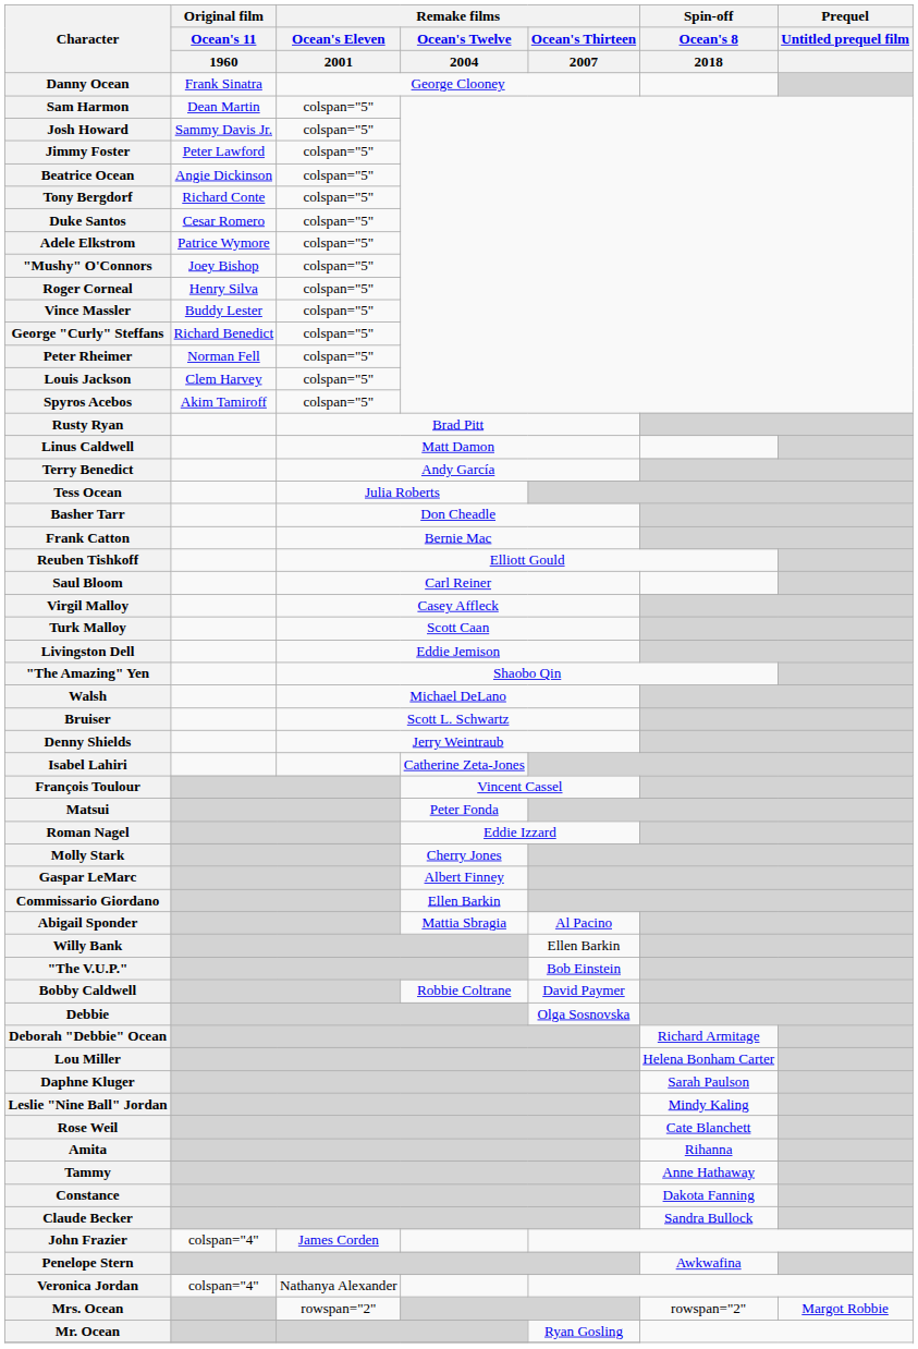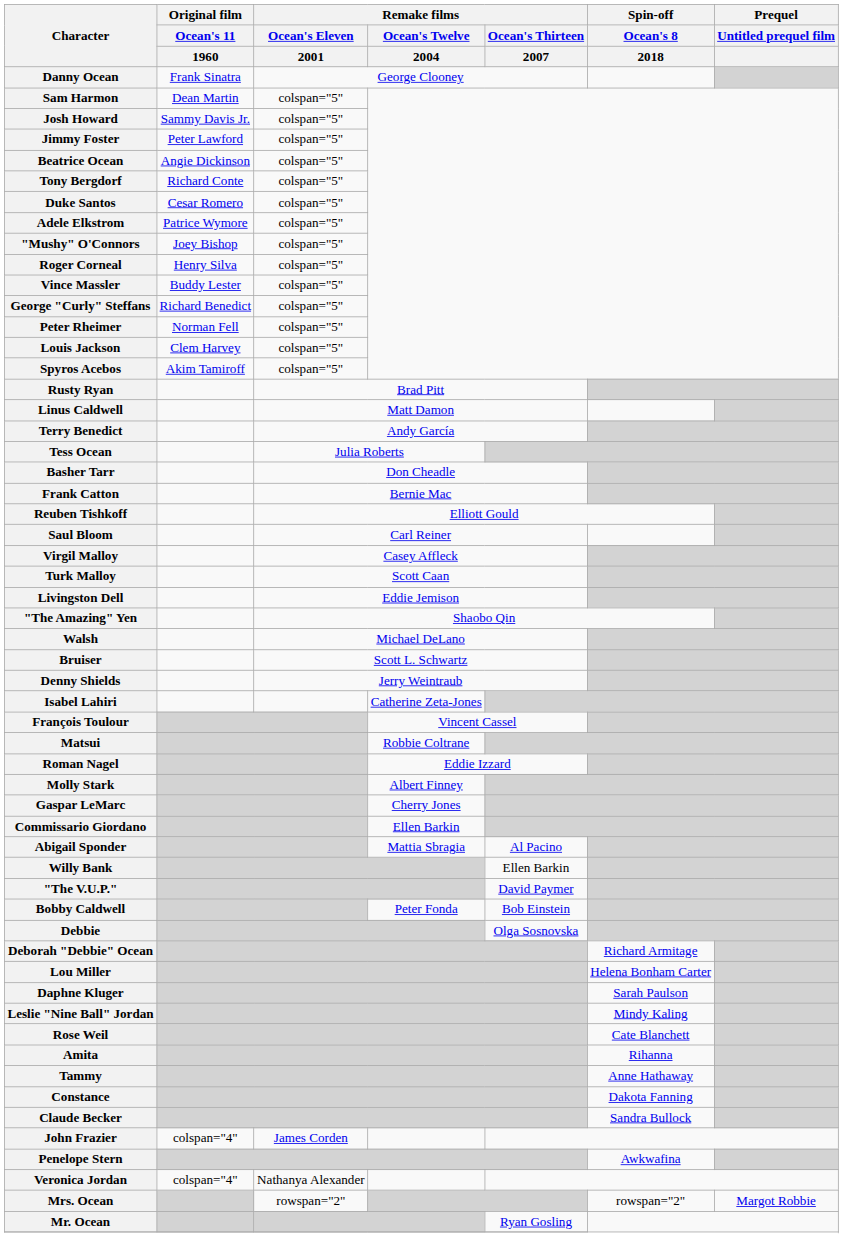 <table class="wikitable plainrowheaders" style="text-align:center">
 <tr>
 <th rowspan="3" colspan="1">Character</th>
 <th colspan="1">Original film</th>
 <th colspan="3">Remake films</th>
 <th>Spin-off</th>
 <th>Prequel</th>
 </tr>
 <tr>
 <th><a href='#'>Ocean's 11</a></th>
 <th><a href='#'>Ocean's Eleven</a></th>
 <th><a href='#'>Ocean's Twelve</a></th>
 <th><a href='#'>Ocean's Thirteen</a></th>
 <th><a href='#'>Ocean's 8</a></th>
 <th><a href='#'>Untitled prequel film</a></th>
 </tr>
 <tr>
 <th>1960</th>
 <th>2001</th>
 <th>2004</th>
 <th>2007</th>
 <th>2018</th>
 <th></th>
 </tr>
 <tr>
 <th>Danny Ocean</th>
 <td><a href='#'>Frank Sinatra</a></td>
 <td colspan="3"><a href='#'>George Clooney</a></td>
 <td></td>
 <td style="background-color:lightgrey;"> </td>
 </tr>
 <tr>
 <th>Sam Harmon</th>
 <td><a href='#'>Dean Martin</a></td>
 <td>colspan="5" </td>
 </tr>
 <tr>
 <th>Josh Howard</th>
 <td><a href='#'>Sammy Davis Jr.</a></td>
 <td>colspan="5" </td>
 </tr>
 <tr>
 <th>Jimmy Foster</th>
 <td><a href='#'>Peter Lawford</a></td>
 <td>colspan="5" </td>
 </tr>
 <tr>
 <th>Beatrice Ocean</th>
 <td><a href='#'>Angie Dickinson</a></td>
 <td>colspan="5" </td>
 </tr>
 <tr>
 <th>Tony Bergdorf</th>
 <td><a href='#'>Richard Conte</a></td>
 <td>colspan="5" </td>
 </tr>
 <tr>
 <th>Duke Santos</th>
 <td><a href='#'>Cesar Romero</a></td>
 <td>colspan="5" </td>
 </tr>
 <tr>
 <th>Adele Elkstrom</th>
 <td><a href='#'>Patrice Wymore</a></td>
 <td>colspan="5" </td>
 </tr>
 <tr>
 <th>"Mushy" O'Connors</th>
 <td><a href='#'>Joey Bishop</a></td>
 <td>colspan="5" </td>
 </tr>
 <tr>
 <th>Roger Corneal</th>
 <td><a href='#'>Henry Silva</a></td>
 <td>colspan="5" </td>
 </tr>
 <tr>
 <th>Vince Massler</th>
 <td><a href='#'>Buddy Lester</a></td>
 <td>colspan="5" </td>
 </tr>
 <tr>
 <th>George "Curly" Steffans</th>
 <td><a href='#'>Richard Benedict</a></td>
 <td>colspan="5" </td>
 </tr>
 <tr>
 <th>Peter Rheimer</th>
 <td><a href='#'>Norman Fell</a></td>
 <td>colspan="5" </td>
 </tr>
 <tr>
 <th>Louis Jackson</th>
 <td><a href='#'>Clem Harvey</a></td>
 <td>colspan="5" </td>
 </tr>
 <tr>
 <th>Spyros Acebos</th>
 <td><a href='#'>Akim Tamiroff</a></td>
 <td>colspan="5" </td>
 </tr>
 <tr>
 <th>Rusty Ryan</th>
 <td></td>
 <td colspan="3"><a href='#'>Brad Pitt</a></td>
 <td colspan="3" style="background-color:lightgrey;"> </td>
 </tr>
 <tr>
 <th>Linus Caldwell</th>
 <td></td>
 <td colspan="3"><a href='#'>Matt Damon</a></td>
 <td></td>
 <td colspan="2" style="background-color:lightgrey;"> </td>
 </tr>
 <tr>
 <th>Terry Benedict</th>
 <td></td>
 <td colspan="3"><a href='#'>Andy García</a></td>
 <td colspan="2" style="background-color:lightgrey;"> </td>
 </tr>
 <tr>
 <th>Tess Ocean</th>
 <td></td>
 <td colspan="2"><a href='#'>Julia Roberts</a></td>
 <td colspan="3" style="background-color:lightgrey;"> </td>
 </tr>
 <tr>
 <th>Basher Tarr</th>
 <td></td>
 <td colspan="3"><a href='#'>Don Cheadle</a></td>
 <td colspan="2" style="background-color:lightgrey;"> </td>
 </tr>
 <tr>
 <th>Frank Catton</th>
 <td></td>
 <td colspan="3"><a href='#'>Bernie Mac</a></td>
 <td colspan="2" style="background-color:lightgrey;"> </td>
 </tr>
 <tr>
 <th>Reuben Tishkoff</th>
 <td></td>
 <td colspan="4"><a href='#'>Elliott Gould</a></td>
 <td style="background-color:lightgrey;"> </td>
 </tr>
 <tr>
 <th>Saul Bloom</th>
 <td></td>
 <td colspan="3"><a href='#'>Carl Reiner</a></td>
 <td></td>
 <td style="background-color:lightgrey;"> </td>
 </tr>
 <tr>
 <th>Virgil Malloy</th>
 <td></td>
 <td colspan="3"><a href='#'>Casey Affleck</a></td>
 <td colspan="2" style="background-color:lightgrey;"> </td>
 </tr>
 <tr>
 <th>Turk Malloy</th>
 <td></td>
 <td colspan="3"><a href='#'>Scott Caan</a></td>
 <td colspan="2" style="background-color:lightgrey;"> </td>
 </tr>
 <tr>
 <th>Livingston Dell</th>
 <td></td>
 <td colspan="3"><a href='#'>Eddie Jemison</a></td>
 <td colspan="2" style="background-color:lightgrey;"> </td>
 </tr>
 <tr>
 <th>"The Amazing" Yen</th>
 <td></td>
 <td colspan="4"><a href='#'>Shaobo Qin</a></td>
 <td style="background-color:lightgrey;"> </td>
 </tr>
 <tr>
 <th>Walsh</th>
 <td></td>
 <td colspan="3"><a href='#'>Michael DeLano</a></td>
 <td colspan="2" style="background-color:lightgrey;"> </td>
 </tr>
 <tr>
 <th>Bruiser</th>
 <td></td>
 <td colspan="3"><a href='#'>Scott L. Schwartz</a></td>
 <td colspan="2" style="background-color:lightgrey;"> </td>
 </tr>
 <tr>
 <th>Denny Shields</th>
 <td></td>
 <td colspan="3"><a href='#'>Jerry Weintraub</a></td>
 <td colspan="2" style="background-color:lightgrey;"> </td>
 </tr>
 <tr>
 <th>Isabel Lahiri</th>
 <td></td>
 <td></td>
 <td><a href='#'>Catherine Zeta-Jones</a></td>
 <td colspan="3" style="background-color:lightgrey;"> </td>
 </tr>
 <tr>
 <th>François Toulour <br></th>
 <td colspan="2" style="background-color:lightgrey;"> </td>
 <td colspan="2"><a href='#'>Vincent Cassel</a></td>
 <td colspan="2" style="background-color:lightgrey;"> </td>
 </tr>
 <tr>
 <th>Matsui</th>
 <td colspan="2" style="background-color:lightgrey;"> </td>
-<td><a href='#'>Peter Fonda</a></td>
+<td><a href='#'>Robbie Coltrane</a></td>
 <td colspan="3" style="background-color:lightgrey;"> </td>
 </tr>
 <tr>
 <th>Roman Nagel</th>
 <td colspan="2" style="background-color:lightgrey;"> </td>
 <td colspan="2"><a href='#'>Eddie Izzard</a></td>
 <td colspan="3" style="background-color:lightgrey;"> </td>
 </tr>
 <tr>
 <th>Molly Stark</th>
 <td colspan="2" style="background-color:lightgrey;"> </td>
-<td><a href='#'>Cherry Jones</a></td>
+<td><a href='#'>Albert Finney</a></td>
 <td colspan="3" style="background-color:lightgrey;"> </td>
 </tr>
 <tr>
 <th>Gaspar LeMarc</th>
 <td colspan="2" style="background-color:lightgrey;"> </td>
-<td><a href='#'>Albert Finney</a></td>
+<td><a href='#'>Cherry Jones</a></td>
 <td colspan="3" style="background-color:lightgrey;"> </td>
 </tr>
 <tr>
 <th>Commissario Giordano</th>
 <td colspan="2" style="background-color:lightgrey;"> </td>
 <td><a href='#'>Ellen Barkin</a></td>
 <td colspan="3" style="background-color:lightgrey;"> </td>
 </tr>
 <tr>
 <th>Abigail Sponder</th>
 <td colspan="2" style="background-color:lightgrey;"> </td>
 <td><a href='#'>Mattia Sbragia</a></td>
 <td><a href='#'>Al Pacino</a></td>
 <td colspan="3" style="background-color:lightgrey;"> </td>
 </tr>
 <tr>
 <th>Willy Bank</th>
 <td colspan="3" style="background-color:lightgrey;"> </td>
 <td>Ellen Barkin</td>
 <td colspan="3" style="background-color:lightgrey;"> </td>
 </tr>
 <tr>
 <th>"The V.U.P."</th>
 <td colspan="3" style="background-color:lightgrey;"> </td>
-<td><a href='#'>Bob Einstein</a></td>
+<td><a href='#'>David Paymer</a></td>
 <td colspan="3" style="background-color:lightgrey;"> </td>
 </tr>
 <tr>
 <th>Bobby Caldwell</th>
 <td colspan="2" style="background-color:lightgrey;"> </td>
-<td><a href='#'>Robbie Coltrane</a></td>
-<td><a href='#'>David Paymer</a></td>
+<td><a href='#'>Peter Fonda</a></td>
+<td><a href='#'>Bob Einstein</a></td>
 <td colspan="3" style="background-color:lightgrey;"> </td>
 </tr>
 <tr>
 <th>Debbie</th>
 <td colspan="3" style="background-color:lightgrey;"> </td>
 <td><a href='#'>Olga Sosnovska</a></td>
 <td colspan="3" style="background-color:lightgrey;"> </td>
 </tr>
 <tr>
 <th>Deborah "Debbie" Ocean</th>
 <td colspan="4" style="background-color:lightgrey;"> </td>
 <td><a href='#'>Richard Armitage</a></td>
 <td style="background-color:lightgrey;"> </td>
 </tr>
 <tr>
 <th>Lou Miller</th>
 <td colspan="4" style="background-color:lightgrey;"> </td>
 <td><a href='#'>Helena Bonham Carter</a></td>
 <td style="background-color:lightgrey;"> </td>
 </tr>
 <tr>
 <th>Daphne Kluger</th>
 <td colspan="4" style="background-color:lightgrey;"> </td>
 <td><a href='#'>Sarah Paulson</a></td>
 <td style="background-color:lightgrey;"> </td>
 </tr>
 <tr>
 <th>Leslie "Nine Ball" Jordan</th>
 <td colspan="4" style="background-color:lightgrey;"> </td>
 <td><a href='#'>Mindy Kaling</a></td>
 <td style="background-color:lightgrey;"> </td>
 </tr>
 <tr>
 <th>Rose Weil</th>
 <td colspan="4" style="background-color:lightgrey;"> </td>
 <td><a href='#'>Cate Blanchett</a></td>
 <td style="background-color:lightgrey;"> </td>
 </tr>
 <tr>
 <th>Amita</th>
 <td colspan="4" style="background-color:lightgrey;"> </td>
 <td><a href='#'>Rihanna</a></td>
 <td style="background-color:lightgrey;"> </td>
 </tr>
 <tr>
 <th>Tammy</th>
 <td colspan="4" style="background-color:lightgrey;"> </td>
 <td><a href='#'>Anne Hathaway</a></td>
 <td style="background-color:lightgrey;"> </td>
 </tr>
 <tr>
 <th>Constance</th>
 <td colspan="4" style="background-color:lightgrey;"> </td>
 <td><a href='#'>Dakota Fanning</a></td>
 <td style="background-color:lightgrey;"> </td>
 </tr>
 <tr>
 <th>Claude Becker</th>
 <td colspan="4" style="background-color:lightgrey;"> </td>
 <td><a href='#'>Sandra Bullock</a></td>
 <td style="background-color:lightgrey;"> </td>
 </tr>
 <tr>
 <th>John Frazier</th>
 <td>colspan="4" </td>
 <td><a href='#'>James Corden</a></td>
 <td></td>
 </tr>
 <tr>
 <th>Penelope Stern</th>
 <td colspan="4" style="background-color:lightgrey;"> </td>
 <td><a href='#'>Awkwafina</a></td>
 <td style="background-color:lightgrey;"> </td>
 </tr>
 <tr>
 <th>Veronica Jordan</th>
 <td>colspan="4" </td>
 <td>Nathanya Alexander</td>
 <td></td>
 </tr>
 <tr>
 <th>Mrs. Ocean</th>
 <td style="background-color:lightgrey;"> </td>
 <td>rowspan="2" </td>
 <td colspan="2" style="background-color:lightgrey;"> </td>
 <td>rowspan="2" </td>
 <td><a href='#'>Margot Robbie</a></td>
 </tr>
 <tr>
 <th>Mr. Ocean</th>
 <td style="background-color:lightgrey;"> </td>
 <td colspan="2" style="background-color:lightgrey;"> </td>
 <td><a href='#'>Ryan Gosling</a></td>
 </tr>
 <tr>
 </tr>
 </table>
